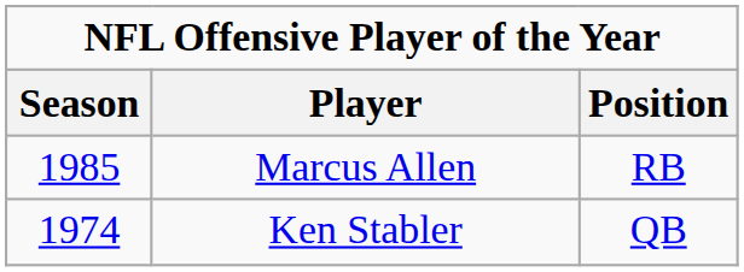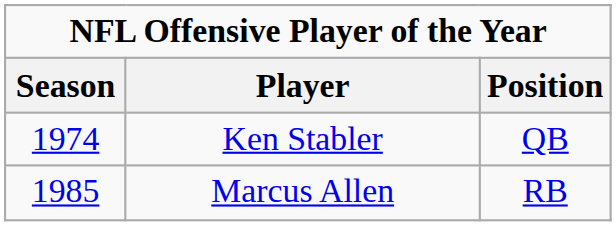 <table class="wikitable sortable" style="text-align:center">
 <tr>
 <td colspan="3"><strong>NFL Offensive Player of the Year</strong></td>
 </tr>
 <tr>
 <th style="width:50px; ">Season</th>
 <th style="width:160px; ">Player</th>
 <th style="width:50px; ">Position</th>
 </tr>
 <tr>
+<td><a href='#'>1974</a></td>
+<td><a href='#'>Ken Stabler</a></td>
+<td><a href='#'>QB</a></td>
+</tr>
+<tr>
 <td><a href='#'>1985</a></td>
 <td><a href='#'>Marcus Allen</a></td>
 <td><a href='#'>RB</a></td>
 </tr>
-<tr>
-<td><a href='#'>1974</a></td>
-<td><a href='#'>Ken Stabler</a></td>
-<td><a href='#'>QB</a></td>
-</tr>
 </table>
